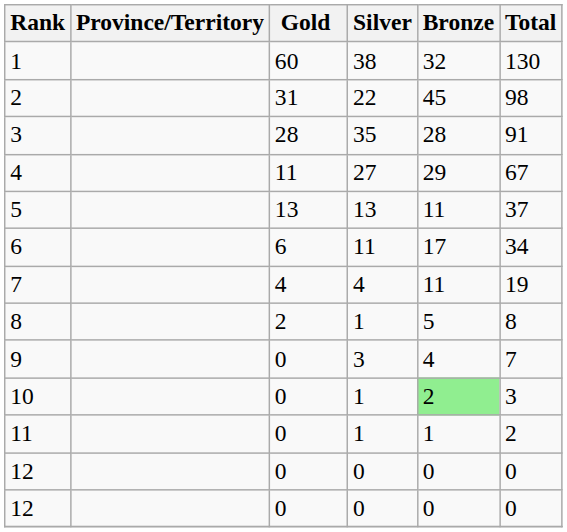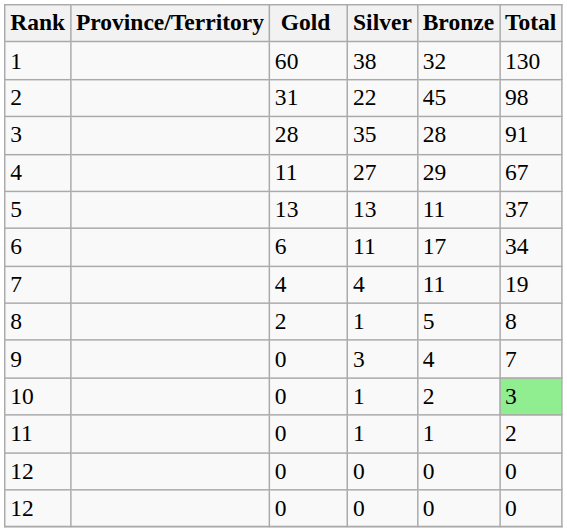 <table class="wikitable">
 <tr>
 <th><strong>Rank</strong></th>
 <th><strong>Province/Territory</strong></th>
 <th bgcolor="gold"><strong> Gold  </strong></th>
 <th bgcolor="silver"><strong>Silver</strong></th>
 <th bgcolor="CC9966"><strong>Bronze</strong></th>
 <th><strong>Total</strong></th>
 </tr>
 <tr>
 <td>1</td>
 <td></td>
 <td>60</td>
 <td>38</td>
 <td>32</td>
 <td>130</td>
 </tr>
 <tr>
 <td>2</td>
 <td></td>
 <td>31</td>
 <td>22</td>
 <td>45</td>
 <td>98</td>
 </tr>
 <tr>
 <td>3</td>
 <td></td>
 <td>28</td>
 <td>35</td>
 <td>28</td>
 <td>91</td>
 </tr>
 <tr>
 <td>4</td>
 <td></td>
 <td>11</td>
 <td>27</td>
 <td>29</td>
 <td>67</td>
 </tr>
 <tr>
 <td>5</td>
 <td></td>
 <td>13</td>
 <td>13</td>
 <td>11</td>
 <td>37</td>
 </tr>
 <tr>
 <td>6</td>
 <td></td>
 <td>6</td>
 <td>11</td>
 <td>17</td>
 <td>34</td>
 </tr>
 <tr>
 <td>7</td>
 <td><strong></strong></td>
 <td>4</td>
 <td>4</td>
 <td>11</td>
 <td>19</td>
 </tr>
 <tr>
 <td>8</td>
 <td></td>
 <td>2</td>
 <td>1</td>
 <td>5</td>
 <td>8</td>
 </tr>
 <tr>
 <td>9</td>
 <td></td>
 <td>0</td>
 <td>3</td>
 <td>4</td>
 <td>7</td>
 </tr>
 <tr>
 <td>10</td>
 <td></td>
 <td>0</td>
 <td>1</td>
-<td style="background: lightgreen;">2</td>
-<td>3</td>
+<td>2</td>
+<td style="background: lightgreen;">3</td>
 </tr>
 <tr>
 <td>11</td>
 <td></td>
 <td>0</td>
 <td>1</td>
 <td>1</td>
 <td>2</td>
 </tr>
 <tr>
 <td>12</td>
 <td></td>
 <td>0</td>
 <td>0</td>
 <td>0</td>
 <td>0</td>
 </tr>
 <tr>
 <td>12</td>
 <td></td>
 <td>0</td>
 <td>0</td>
 <td>0</td>
 <td>0</td>
 </tr>
 <tr>
 </tr>
 </table>
